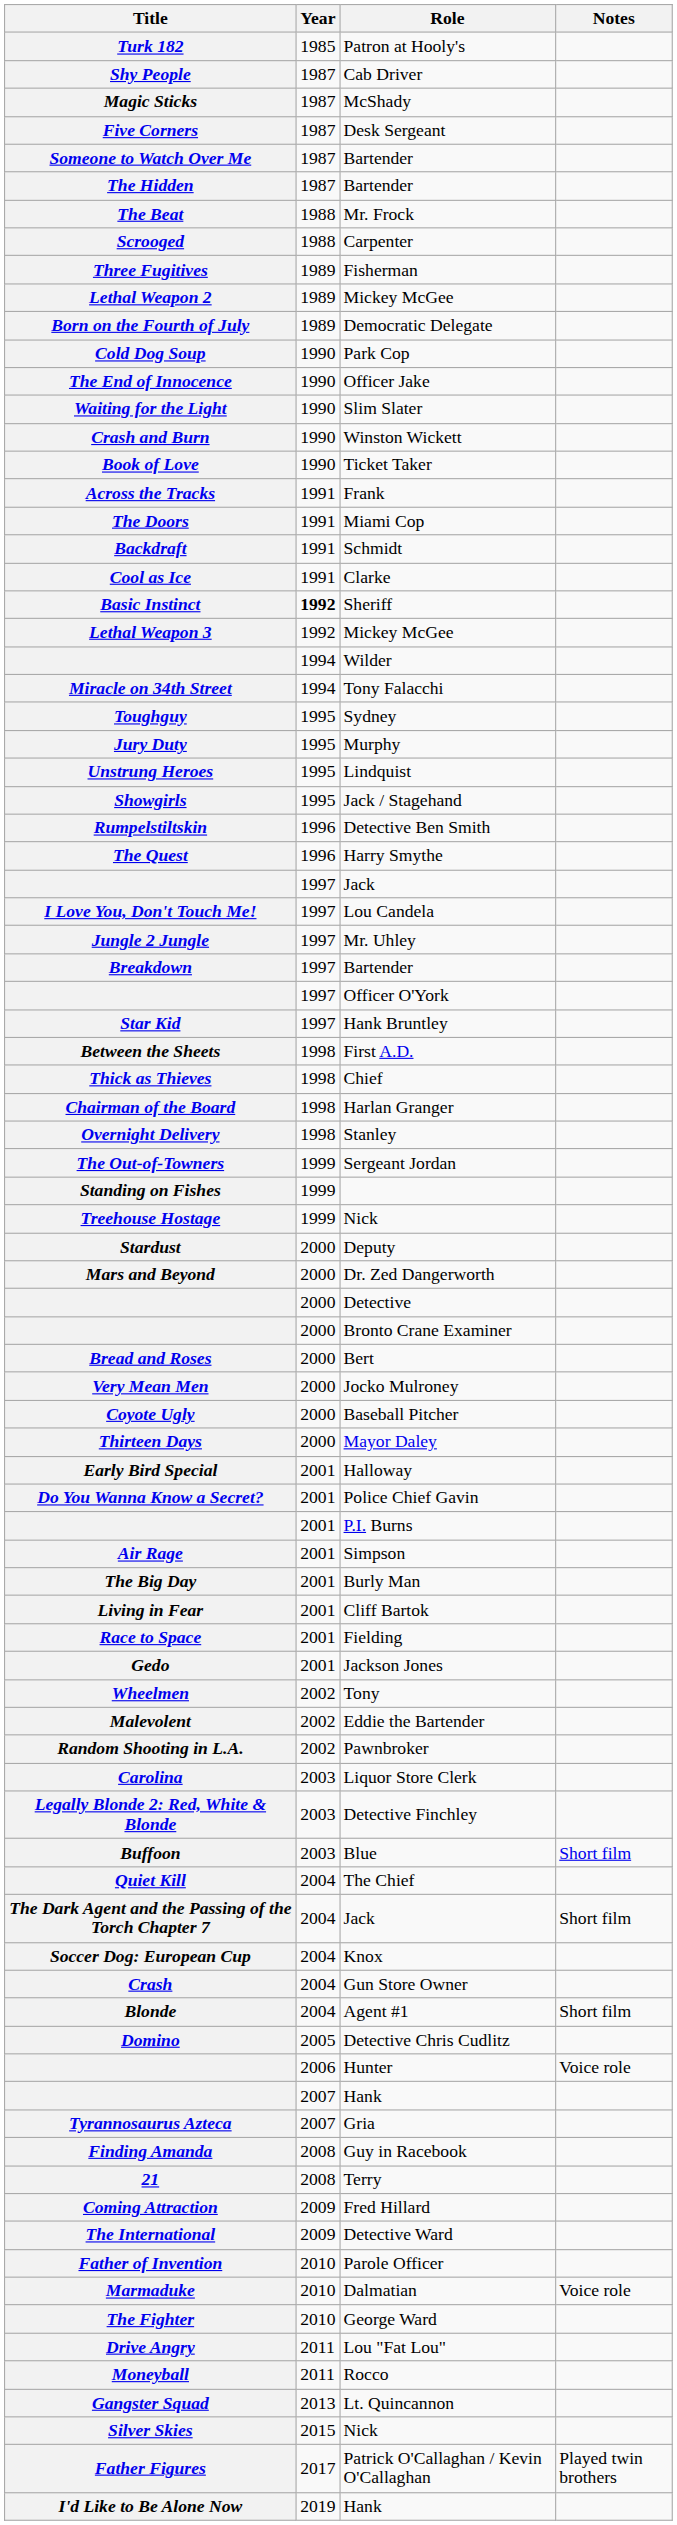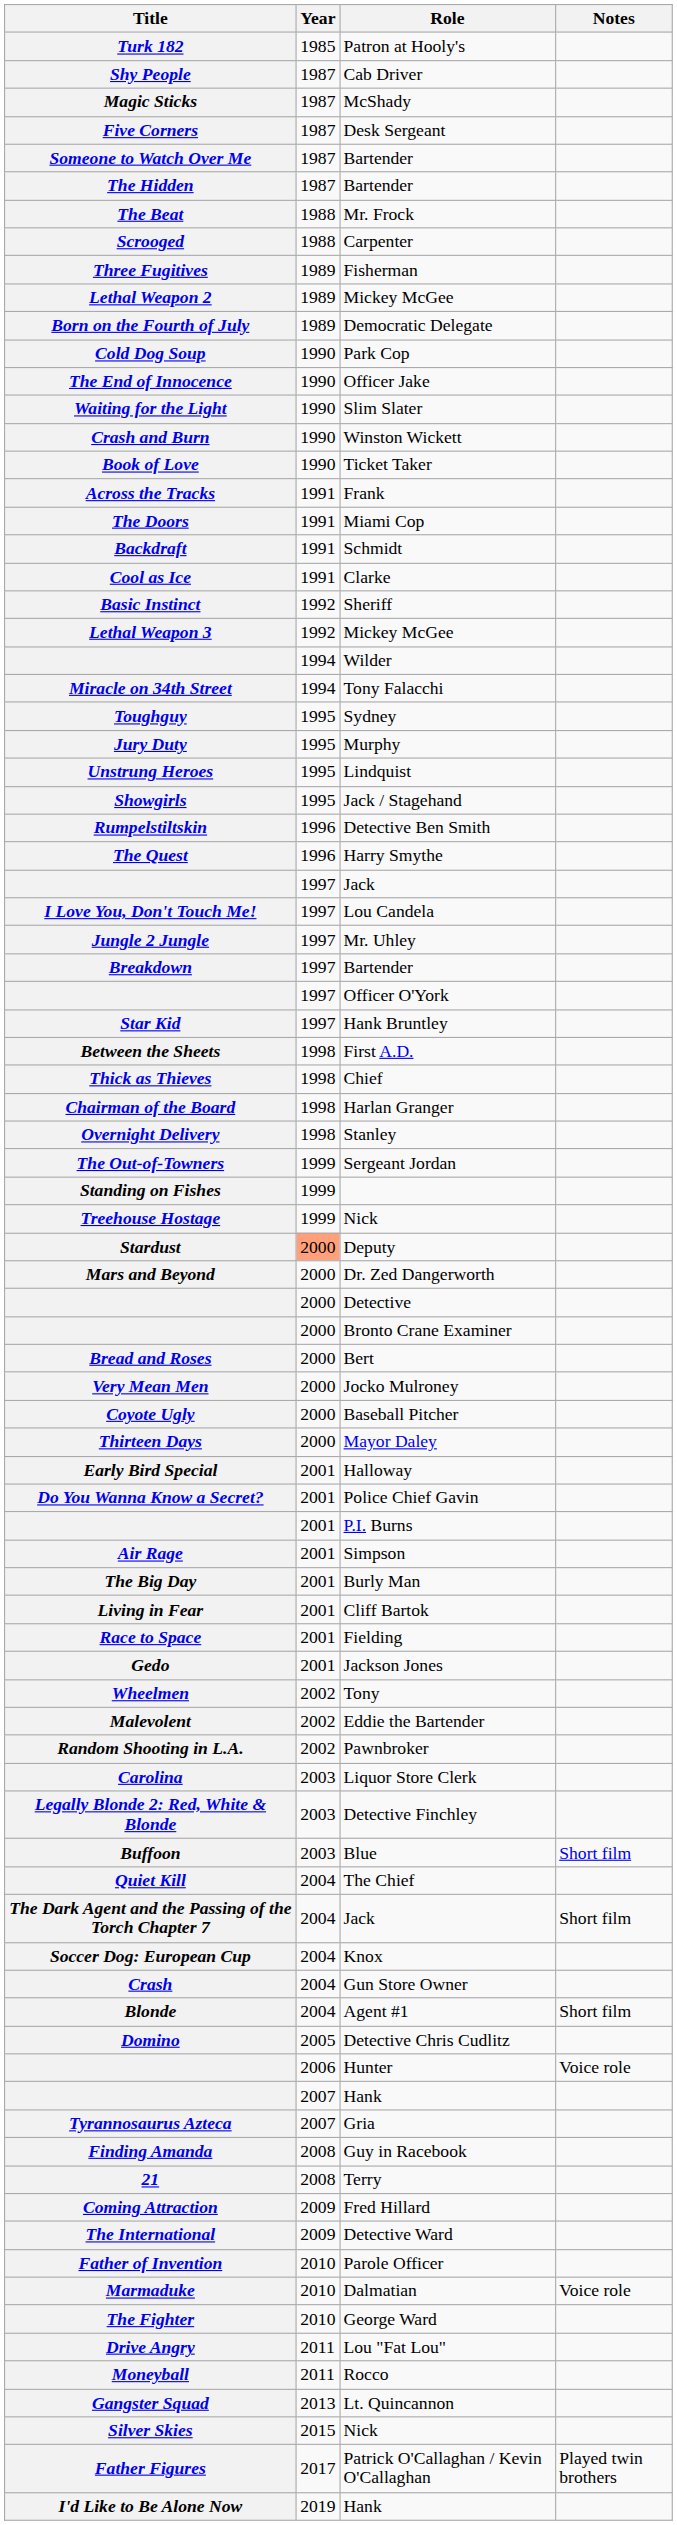 <table class="wikitable sortable plainrowheaders unsortable">
 <tr>
 <th scope="col">Title</th>
 <th scope="col">Year</th>
 <th scope="col">Role</th>
 <th scope="col" class="unsortable">Notes</th>
 </tr>
 <tr>
 <th scope="row"><em><a href='#'>Turk 182</a></em></th>
 <td>1985</td>
 <td>Patron at Hooly's</td>
 <td></td>
 </tr>
 <tr>
 <th scope="row"><em><a href='#'>Shy People</a></em></th>
 <td>1987</td>
 <td>Cab Driver</td>
 <td></td>
 </tr>
 <tr>
 <th scope="row"><em>Magic Sticks</em></th>
 <td>1987</td>
 <td>McShady</td>
 <td></td>
 </tr>
 <tr>
 <th scope="row"><em><a href='#'>Five Corners</a></em></th>
 <td>1987</td>
 <td>Desk Sergeant</td>
 <td></td>
 </tr>
 <tr>
 <th scope="row"><em><a href='#'>Someone to Watch Over Me</a></em></th>
 <td>1987</td>
 <td>Bartender</td>
 <td></td>
 </tr>
 <tr>
 <th scope="row"><em><a href='#'>The Hidden</a></em></th>
 <td>1987</td>
 <td>Bartender</td>
 <td></td>
 </tr>
 <tr>
 <th scope="row"><em><a href='#'>The Beat</a></em></th>
 <td>1988</td>
 <td>Mr. Frock</td>
 <td></td>
 </tr>
 <tr>
 <th scope="row"><em><a href='#'>Scrooged</a></em></th>
 <td>1988</td>
 <td>Carpenter</td>
 <td></td>
 </tr>
 <tr>
 <th scope="row"><em><a href='#'>Three Fugitives</a></em></th>
 <td>1989</td>
 <td>Fisherman</td>
 <td></td>
 </tr>
 <tr>
 <th scope="row"><em><a href='#'>Lethal Weapon 2</a></em></th>
 <td>1989</td>
 <td>Mickey McGee</td>
 <td></td>
 </tr>
 <tr>
 <th scope="row"><em><a href='#'>Born on the Fourth of July</a></em></th>
 <td>1989</td>
 <td>Democratic Delegate</td>
 <td></td>
 </tr>
 <tr>
 <th scope="row"><em><a href='#'>Cold Dog Soup</a></em></th>
 <td>1990</td>
 <td>Park Cop</td>
 <td></td>
 </tr>
 <tr>
 <th scope="row"><em><a href='#'>The End of Innocence</a></em></th>
 <td>1990</td>
 <td>Officer Jake</td>
 <td></td>
 </tr>
 <tr>
 <th scope="row"><em><a href='#'>Waiting for the Light</a></em></th>
 <td>1990</td>
 <td>Slim Slater</td>
 <td></td>
 </tr>
 <tr>
 <th scope="row"><em><a href='#'>Crash and Burn</a></em></th>
 <td>1990</td>
 <td>Winston Wickett</td>
 <td></td>
 </tr>
 <tr>
 <th scope="row"><em><a href='#'>Book of Love</a></em></th>
 <td>1990</td>
 <td>Ticket Taker</td>
 <td></td>
 </tr>
 <tr>
 <th scope="row"><em><a href='#'>Across the Tracks</a></em></th>
 <td>1991</td>
 <td>Frank</td>
 <td></td>
 </tr>
 <tr>
 <th scope="row"><em><a href='#'>The Doors</a></em></th>
 <td>1991</td>
 <td>Miami Cop</td>
 <td></td>
 </tr>
 <tr>
 <th scope="row"><em><a href='#'>Backdraft</a></em></th>
 <td>1991</td>
 <td>Schmidt</td>
 <td></td>
 </tr>
 <tr>
 <th scope="row"><em><a href='#'>Cool as Ice</a></em></th>
 <td>1991</td>
 <td>Clarke</td>
 <td></td>
 </tr>
 <tr>
 <th scope="row"><em><a href='#'>Basic Instinct</a></em></th>
-<td><strong>1992</strong></td>
+<td>1992</td>
 <td>Sheriff</td>
 <td></td>
 </tr>
 <tr>
 <th scope="row"><em><a href='#'>Lethal Weapon 3</a></em></th>
 <td>1992</td>
 <td>Mickey McGee</td>
 </tr>
 <tr>
 <th scope="row"><em></em></th>
 <td>1994</td>
 <td>Wilder</td>
 <td></td>
 </tr>
 <tr>
 <th scope="row"><em><a href='#'>Miracle on 34th Street</a></em></th>
 <td>1994</td>
 <td>Tony Falacchi</td>
 <td></td>
 </tr>
 <tr>
 <th scope="row"><em><a href='#'>Toughguy</a></em></th>
 <td>1995</td>
 <td>Sydney</td>
 <td></td>
 </tr>
 <tr>
 <th scope="row"><em><a href='#'>Jury Duty</a></em></th>
 <td>1995</td>
 <td>Murphy</td>
 <td></td>
 </tr>
 <tr>
 <th scope="row"><em><a href='#'>Unstrung Heroes</a></em></th>
 <td>1995</td>
 <td>Lindquist</td>
 <td></td>
 </tr>
 <tr>
 <th scope="row"><em><a href='#'>Showgirls</a></em></th>
 <td>1995</td>
 <td>Jack / Stagehand</td>
 <td></td>
 </tr>
 <tr>
 <th scope="row"><em><a href='#'>Rumpelstiltskin</a></em></th>
 <td>1996</td>
 <td>Detective Ben Smith</td>
 <td></td>
 </tr>
 <tr>
 <th scope="row"><em><a href='#'>The Quest</a></em></th>
 <td>1996</td>
 <td>Harry Smythe</td>
 <td></td>
 </tr>
 <tr>
 <th scope="row"><em></em></th>
 <td>1997</td>
 <td>Jack</td>
 <td></td>
 </tr>
 <tr>
 <th scope="row"><em><a href='#'>I Love You, Don't Touch Me!</a></em></th>
 <td>1997</td>
 <td>Lou Candela</td>
 <td></td>
 </tr>
 <tr>
 <th scope="row"><em><a href='#'>Jungle 2 Jungle</a></em></th>
 <td>1997</td>
 <td>Mr. Uhley</td>
 <td></td>
 </tr>
 <tr>
 <th scope="row"><em><a href='#'>Breakdown</a></em></th>
 <td>1997</td>
 <td>Bartender</td>
 <td></td>
 </tr>
 <tr>
 <th scope="row"><em></em></th>
 <td>1997</td>
 <td>Officer O'York</td>
 <td></td>
 </tr>
 <tr>
 <th scope="row"><em><a href='#'>Star Kid</a></em></th>
 <td>1997</td>
 <td>Hank Bruntley</td>
 <td></td>
 </tr>
 <tr>
 <th scope="row"><em>Between the Sheets</em></th>
 <td>1998</td>
 <td>First <a href='#'>A.D.</a></td>
 <td></td>
 </tr>
 <tr>
 <th scope="row"><em><a href='#'>Thick as Thieves</a></em></th>
 <td>1998</td>
 <td>Chief</td>
 <td></td>
 </tr>
 <tr>
 <th scope="row"><em><a href='#'>Chairman of the Board</a></em></th>
 <td>1998</td>
 <td>Harlan Granger</td>
 <td></td>
 </tr>
 <tr>
 <th scope="row"><em><a href='#'>Overnight Delivery</a></em></th>
 <td>1998</td>
 <td>Stanley</td>
 <td></td>
 </tr>
 <tr>
 <th scope="row"><em><a href='#'>The Out-of-Towners</a></em></th>
 <td>1999</td>
 <td>Sergeant Jordan</td>
 <td></td>
 </tr>
 <tr>
 <th scope="row"><em>Standing on Fishes</em></th>
 <td>1999</td>
 <td></td>
 <td></td>
 </tr>
 <tr>
 <th scope="row"><em><a href='#'>Treehouse Hostage</a></em></th>
 <td>1999</td>
 <td>Nick</td>
 <td></td>
 </tr>
 <tr>
 <th scope="row"><em>Stardust</em></th>
-<td>2000</td>
+<td style="background: lightsalmon;">2000</td>
 <td>Deputy</td>
 <td></td>
 </tr>
 <tr>
 <th scope="row"><em>Mars and Beyond</em></th>
 <td>2000</td>
 <td>Dr. Zed Dangerworth</td>
 <td></td>
 </tr>
 <tr>
 <th scope="row"><em></em></th>
 <td>2000</td>
 <td>Detective</td>
 <td></td>
 </tr>
 <tr>
 <th scope="row"><em></em></th>
 <td>2000</td>
 <td>Bronto Crane Examiner</td>
 <td></td>
 </tr>
 <tr>
 <th scope="row"><em><a href='#'>Bread and Roses</a></em></th>
 <td>2000</td>
 <td>Bert</td>
 <td></td>
 </tr>
 <tr>
 <th scope="row"><em><a href='#'>Very Mean Men</a></em></th>
 <td>2000</td>
 <td>Jocko Mulroney</td>
 <td></td>
 </tr>
 <tr>
 <th scope="row"><em><a href='#'>Coyote Ugly</a></em></th>
 <td>2000</td>
 <td>Baseball Pitcher</td>
 <td></td>
 </tr>
 <tr>
 <th scope="row"><em><a href='#'>Thirteen Days</a></em></th>
 <td>2000</td>
 <td><a href='#'>Mayor Daley</a></td>
 <td></td>
 </tr>
 <tr>
 <th scope="row"><em>Early Bird Special</em></th>
 <td>2001</td>
 <td>Halloway</td>
 <td></td>
 </tr>
 <tr>
 <th scope="row"><em><a href='#'>Do You Wanna Know a Secret?</a></em></th>
 <td>2001</td>
 <td>Police Chief Gavin</td>
 <td></td>
 </tr>
 <tr>
 <th scope="row"><em></em></th>
 <td>2001</td>
 <td><a href='#'>P.I.</a> Burns</td>
 <td></td>
 </tr>
 <tr>
 <th scope="row"><em><a href='#'>Air Rage</a></em></th>
 <td>2001</td>
 <td>Simpson</td>
 <td></td>
 </tr>
 <tr>
 <th scope="row"><em>The Big Day</em></th>
 <td>2001</td>
 <td>Burly Man</td>
 <td></td>
 </tr>
 <tr>
 <th scope="row"><em>Living in Fear</em></th>
 <td>2001</td>
 <td>Cliff Bartok</td>
 <td></td>
 </tr>
 <tr>
 <th scope="row"><em><a href='#'>Race to Space</a></em></th>
 <td>2001</td>
 <td>Fielding</td>
 <td></td>
 </tr>
 <tr>
 <th scope="row"><em>Gedo</em></th>
 <td>2001</td>
 <td>Jackson Jones</td>
 <td></td>
 </tr>
 <tr>
 <th scope="row"><em><a href='#'>Wheelmen</a></em></th>
 <td>2002</td>
 <td>Tony</td>
 <td></td>
 </tr>
 <tr>
 <th scope="row"><em>Malevolent</em></th>
 <td>2002</td>
 <td>Eddie the Bartender</td>
 <td></td>
 </tr>
 <tr>
 <th scope="row"><em>Random Shooting in L.A.</em></th>
 <td>2002</td>
 <td>Pawnbroker</td>
 <td></td>
 </tr>
 <tr>
 <th scope="row"><em><a href='#'>Carolina</a></em></th>
 <td>2003</td>
 <td>Liquor Store Clerk</td>
 <td></td>
 </tr>
 <tr>
 <th scope="row"><em><a href='#'>Legally Blonde 2: Red, White & Blonde</a></em></th>
 <td>2003</td>
 <td>Detective Finchley</td>
 <td></td>
 </tr>
 <tr>
 <th scope="row"><em>Buffoon</em></th>
 <td>2003</td>
 <td>Blue</td>
 <td><a href='#'>Short film</a></td>
 </tr>
 <tr>
 <th scope="row"><em><a href='#'>Quiet Kill</a></em></th>
 <td>2004</td>
 <td>The Chief</td>
 <td></td>
 </tr>
 <tr>
 <th scope="row"><em>The Dark Agent and the Passing of the Torch Chapter 7</em></th>
 <td>2004</td>
 <td>Jack</td>
 <td>Short film</td>
 </tr>
 <tr>
 <th scope="row"><em>Soccer Dog: European Cup</em></th>
 <td>2004</td>
 <td>Knox</td>
 <td></td>
 </tr>
 <tr>
 <th scope="row"><em><a href='#'>Crash</a></em></th>
 <td>2004</td>
 <td>Gun Store Owner</td>
 <td></td>
 </tr>
 <tr>
 <th scope="row"><em>Blonde</em></th>
 <td>2004</td>
 <td>Agent #1</td>
 <td>Short film</td>
 </tr>
 <tr>
 <th scope="row"><em><a href='#'>Domino</a></em></th>
 <td>2005</td>
 <td>Detective Chris Cudlitz</td>
 <td></td>
 </tr>
 <tr>
 <th scope="row"><em></em></th>
 <td>2006</td>
 <td>Hunter</td>
 <td>Voice role</td>
 </tr>
 <tr>
 <th scope="row"><em></em></th>
 <td>2007</td>
 <td>Hank</td>
 <td></td>
 </tr>
 <tr>
 <th scope="row"><em><a href='#'>Tyrannosaurus Azteca</a></em></th>
 <td>2007</td>
 <td>Gria</td>
 <td></td>
 </tr>
 <tr>
 <th scope="row"><em><a href='#'>Finding Amanda</a></em></th>
 <td>2008</td>
 <td>Guy in Racebook</td>
 <td></td>
 </tr>
 <tr>
 <th scope="row"><em><a href='#'>21</a></em></th>
 <td>2008</td>
 <td>Terry</td>
 <td></td>
 </tr>
 <tr>
 <th scope="row"><em><a href='#'>Coming Attraction</a></em></th>
 <td>2009</td>
 <td>Fred Hillard</td>
 <td></td>
 </tr>
 <tr>
 <th scope="row"><em><a href='#'>The International</a></em></th>
 <td>2009</td>
 <td>Detective Ward</td>
 <td></td>
 </tr>
 <tr>
 <th scope="row"><em><a href='#'>Father of Invention</a></em></th>
 <td>2010</td>
 <td>Parole Officer</td>
 <td></td>
 </tr>
 <tr>
 <th scope="row"><em><a href='#'>Marmaduke</a></em></th>
 <td>2010</td>
 <td>Dalmatian</td>
 <td>Voice role</td>
 </tr>
 <tr>
 <th scope="row"><em><a href='#'>The Fighter</a></em></th>
 <td>2010</td>
 <td>George Ward</td>
 <td></td>
 </tr>
 <tr>
 <th scope="row"><em><a href='#'>Drive Angry</a></em></th>
 <td>2011</td>
 <td>Lou "Fat Lou"</td>
 <td></td>
 </tr>
 <tr>
 <th scope="row"><em><a href='#'>Moneyball</a></em></th>
 <td>2011</td>
 <td>Rocco</td>
 <td></td>
 </tr>
 <tr>
 <th scope="row"><em><a href='#'>Gangster Squad</a></em></th>
 <td>2013</td>
 <td>Lt. Quincannon</td>
 <td></td>
 </tr>
 <tr>
 <th scope="row"><em><a href='#'>Silver Skies</a></em></th>
 <td>2015</td>
 <td>Nick</td>
 <td></td>
 </tr>
 <tr>
 <th scope="row"><em><a href='#'>Father Figures</a></em></th>
 <td>2017</td>
 <td>Patrick O'Callaghan / Kevin O'Callaghan</td>
 <td>Played twin brothers</td>
 </tr>
 <tr>
 <th scope="row"><em>I'd Like to Be Alone Now</em></th>
 <td>2019</td>
 <td>Hank</td>
 <td></td>
 </tr>
 </table>
